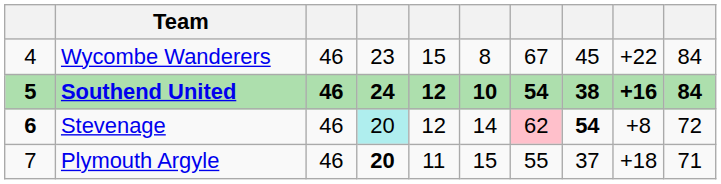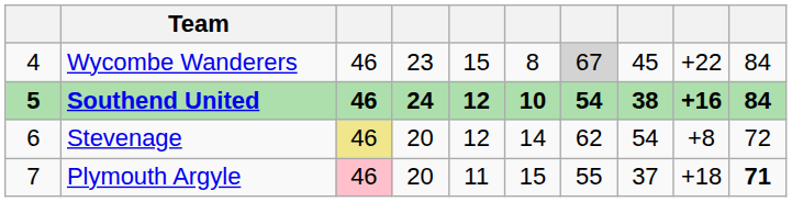 <table class="wikitable" style="text-align:center">
 <tr>
 <th width="30"></th>
 <th width="175">Team</th>
 <th width="30"></th>
 <th width="30"></th>
 <th width="30"></th>
 <th width="30"></th>
 <th width="30"></th>
 <th width="30"></th>
 <th width="30"></th>
 <th width="30"></th>
 </tr>
 <tr>
 <td>4</td>
 <td align=left><a href='#'>Wycombe Wanderers</a></td>
 <td>46</td>
 <td>23</td>
 <td>15</td>
 <td>8</td>
-<td>67</td>
+<td style="background: lightgrey;">67</td>
 <td>45</td>
 <td>+22</td>
 <td>84</td>
 </tr>
 <tr style="background:#ADDFAD;">
 <td><strong>5</strong></td>
 <td align=left><strong><a href='#'>Southend United</a></strong></td>
 <td><strong>46</strong></td>
 <td><strong>24</strong></td>
 <td><strong>12</strong></td>
 <td><strong>10</strong></td>
 <td><strong>54</strong></td>
 <td><strong>38</strong></td>
 <td><strong>+16</strong></td>
 <td><strong>84</strong></td>
 </tr>
 <tr>
-<td><strong>6</strong></td>
+<td>6</td>
 <td align=left><a href='#'>Stevenage</a></td>
-<td>46</td>
-<td style="background: paleturquoise;">20</td>
+<td style="background: khaki;">46</td>
+<td>20</td>
 <td>12</td>
 <td>14</td>
-<td style="background: pink;">62</td>
-<td><strong>54</strong></td>
+<td>62</td>
+<td>54</td>
 <td>+8</td>
 <td>72</td>
 </tr>
 <tr>
 <td>7</td>
 <td align=left><a href='#'>Plymouth Argyle</a></td>
-<td>46</td>
-<td><strong>20</strong></td>
+<td style="background: pink;">46</td>
+<td>20</td>
 <td>11</td>
 <td>15</td>
 <td>55</td>
 <td>37</td>
 <td>+18</td>
-<td>71</td>
+<td><strong>71</strong></td>
 </tr>
 </table>
